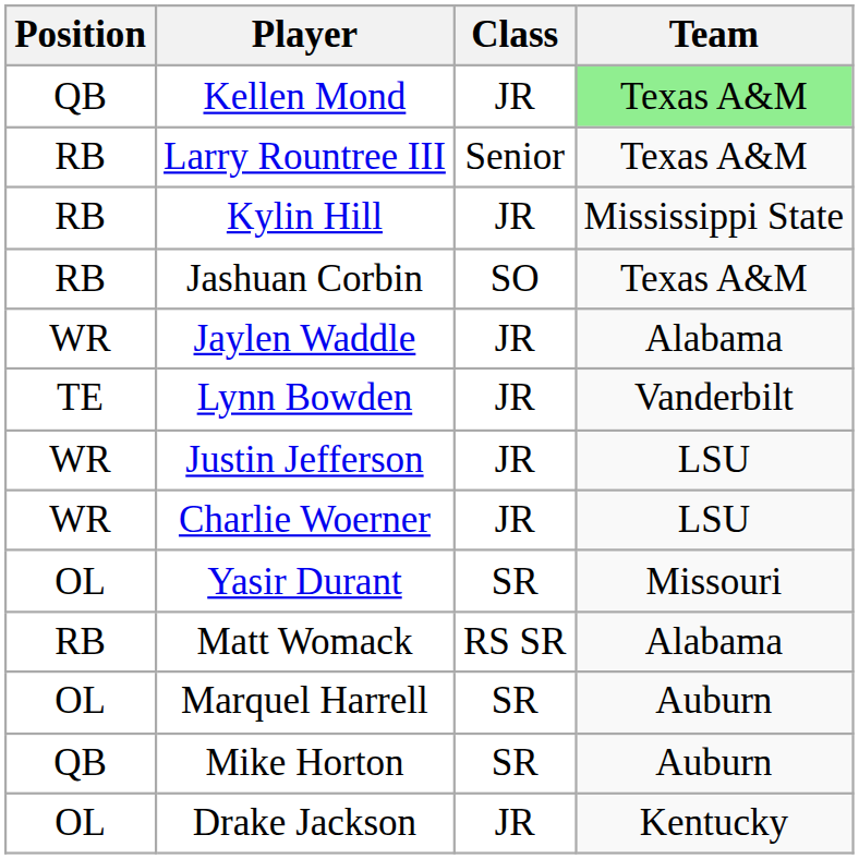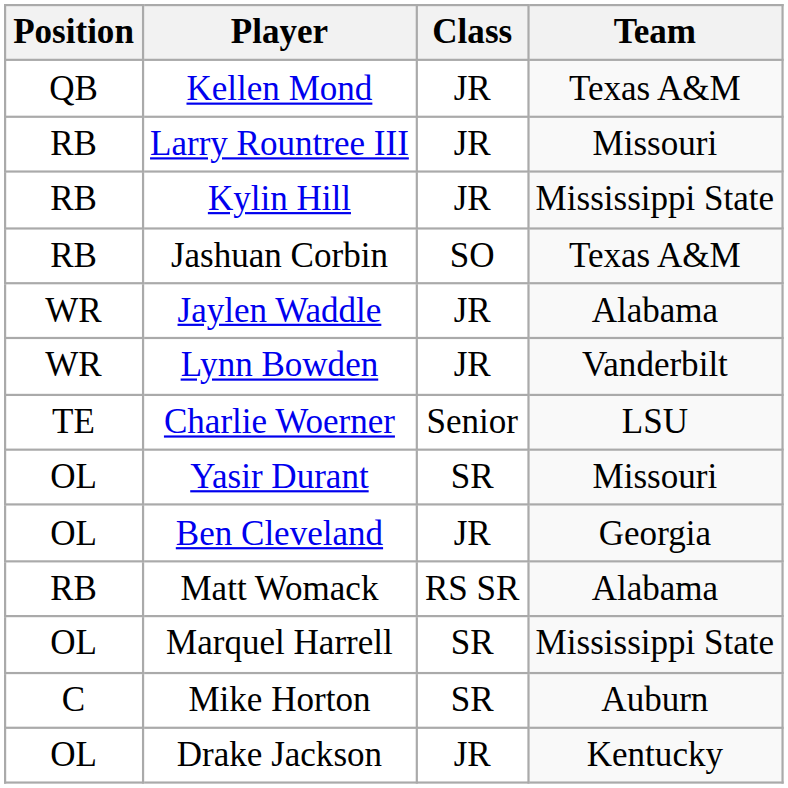 <table class="wikitable sortable">
 <tr>
 <th>Position</th>
 <th>Player</th>
 <th>Class</th>
 <th>Team</th>
 </tr>
 <tr style="text-align:center;">
 <td style="background:white">QB</td>
 <td style="background:white"><a href='#'>Kellen Mond</a></td>
 <td style="background:white">JR</td>
-<td style="background: lightgreen;">Texas A&M</td>
+<td>Texas A&M</td>
 </tr>
 <tr style="text-align:center;">
 <td style="background:white">RB</td>
 <td style="background:white"><a href='#'>Larry Rountree III</a></td>
-<td style="background:white">Senior</td>
-<td>Texas A&M</td>
+<td style="background:white">JR</td>
+<td>Missouri</td>
 </tr>
 <tr style="text-align:center;">
 <td style="background:white">RB</td>
 <td style="background:white"><a href='#'>Kylin Hill</a></td>
 <td style="background:white">JR</td>
 <td>Mississippi State</td>
 </tr>
 <tr style="text-align:center;">
 <td style="background:white">RB</td>
 <td style="background:white">Jashuan Corbin</td>
 <td style="background:white">SO</td>
 <td>Texas A&M</td>
 </tr>
 <tr style="text-align:center;">
 <td style="background:white">WR</td>
 <td style="background:white"><a href='#'>Jaylen Waddle</a></td>
 <td style="background:white">JR</td>
 <td>Alabama</td>
 </tr>
 <tr style="text-align:center;">
-<td style="background:white">TE</td>
+<td style="background:white">WR</td>
 <td style="background:white"><a href='#'>Lynn Bowden</a></td>
 <td style="background:white">JR</td>
 <td>Vanderbilt</td>
 </tr>
 <tr style="text-align:center;">
-<td style="background:white">WR</td>
-<td style="background:white"><a href='#'>Justin Jefferson</a></td>
-<td style="background:white">JR</td>
-<td>LSU</td>
-</tr>
-<tr style="text-align:center;">
-<td style="background:white">WR</td>
+<td style="background:white">TE</td>
 <td style="background:white"><a href='#'>Charlie Woerner</a></td>
-<td style="background:white">JR</td>
+<td style="background:white">Senior</td>
 <td>LSU</td>
 </tr>
 <tr style="text-align:center;">
 <td style="background:white">OL</td>
 <td style="background:white"><a href='#'>Yasir Durant</a></td>
 <td style="background:white">SR</td>
 <td>Missouri</td>
+</tr>
+<tr style="text-align:center;">
+<td style="background:white">OL</td>
+<td style="background:white"><a href='#'>Ben Cleveland</a></td>
+<td style="background:white">JR</td>
+<td>Georgia</td>
 </tr>
 <tr style="text-align:center;">
 <td style="background:white">RB</td>
 <td style="background:white">Matt Womack</td>
 <td style="background:white">RS SR</td>
 <td>Alabama</td>
 </tr>
 <tr style="text-align:center;">
 <td style="background:white">OL</td>
 <td style="background:white">Marquel Harrell</td>
 <td style="background:white">SR</td>
-<td>Auburn</td>
+<td>Mississippi State</td>
 </tr>
 <tr style="text-align:center;">
-<td style="background:white">QB</td>
+<td style="background:white">C</td>
 <td style="background:white">Mike Horton</td>
 <td style="background:white">SR</td>
 <td>Auburn</td>
 </tr>
 <tr style="text-align:center;">
 <td style="background:white">OL</td>
 <td style="background:white">Drake Jackson</td>
 <td style="background:white">JR</td>
 <td>Kentucky</td>
 </tr>
 </table>
